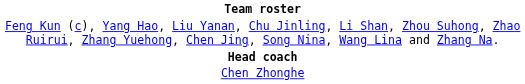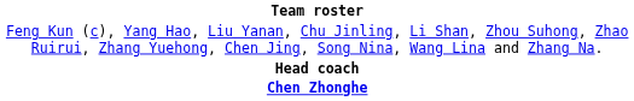 <table style="text-align:center;margin-top:2em;margin-left:auto;margin-right:auto">
 <tr>
 <td><strong>Team roster</strong></td>
 </tr>
 <tr>
 <td><a href='#'>Feng Kun</a> (<a href='#'>c</a>), <a href='#'>Yang Hao</a>, <a href='#'>Liu Yanan</a>, <a href='#'>Chu Jinling</a>, <a href='#'>Li Shan</a>, <a href='#'>Zhou Suhong</a>, <a href='#'>Zhao Ruirui</a>, <a href='#'>Zhang Yuehong</a>, <a href='#'>Chen Jing</a>, <a href='#'>Song Nina</a>, <a href='#'>Wang Lina</a> and <a href='#'>Zhang Na</a>.</td>
 </tr>
 <tr>
 <td><strong>Head coach</strong></td>
 </tr>
 <tr>
-<td><a href='#'>Chen Zhonghe</a></td>
+<td><strong><a href='#'>Chen Zhonghe</a></strong></td>
 </tr>
 </table>
